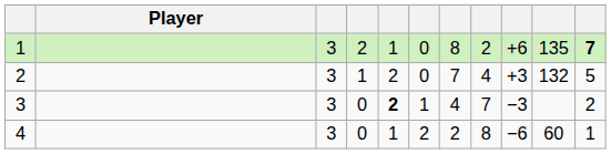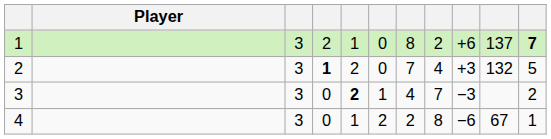 <table class="wikitable" style="text-align:center; margin: 1em auto 1em auto, align:left">
 <tr>
 <th width=20></th>
 <th width=240>Player</th>
 <th width=20></th>
 <th width=20></th>
 <th width=20></th>
 <th width=20></th>
 <th width=20></th>
 <th width=20></th>
 <th width=20></th>
 <th width=30></th>
 <th width=20></th>
 </tr>
 <tr style="background:#D0F0C0;">
 <td>1</td>
 <td align=left></td>
 <td>3</td>
 <td>2</td>
 <td>1</td>
 <td>0</td>
 <td>8</td>
 <td>2</td>
 <td>+6</td>
-<td>135</td>
+<td>137</td>
 <td><strong>7</strong></td>
 </tr>
 <tr style=>
 <td>2</td>
 <td align=left></td>
 <td>3</td>
-<td>1</td>
+<td><strong>1</strong></td>
 <td>2</td>
 <td>0</td>
 <td>7</td>
 <td>4</td>
 <td>+3</td>
 <td>132</td>
 <td>5</td>
 </tr>
 <tr style=>
 <td>3</td>
 <td align=left></td>
 <td>3</td>
 <td>0</td>
 <td><strong>2</strong></td>
 <td>1</td>
 <td>4</td>
 <td>7</td>
 <td>−3</td>
 <td></td>
 <td>2</td>
 </tr>
 <tr style=>
 <td>4</td>
 <td align=left></td>
 <td>3</td>
 <td>0</td>
 <td>1</td>
 <td>2</td>
 <td>2</td>
 <td>8</td>
 <td>−6</td>
-<td>60</td>
+<td>67</td>
 <td>1</td>
 </tr>
 </table>
